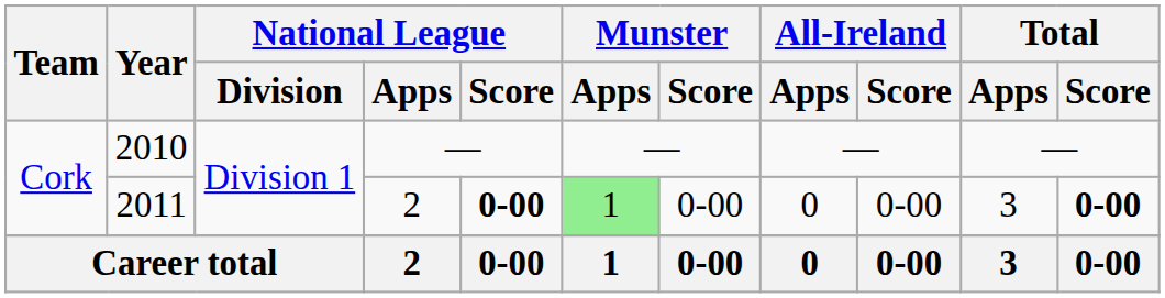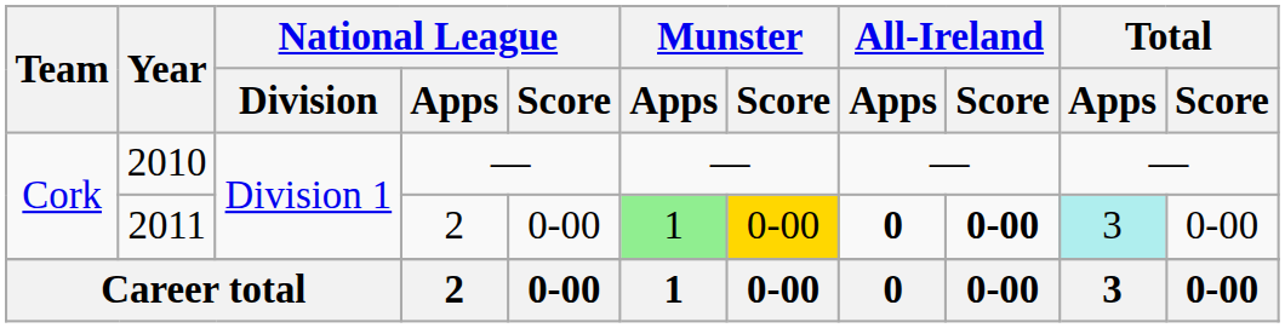 <table class="wikitable" style="text-align:center">
 <tr>
 <th rowspan="2">Team</th>
 <th rowspan="2">Year</th>
 <th colspan="3"><a href='#'>National League</a></th>
 <th colspan="2"><a href='#'>Munster</a></th>
 <th colspan="2"><a href='#'>All-Ireland</a></th>
 <th colspan="2">Total</th>
 </tr>
 <tr>
 <th>Division</th>
 <th>Apps</th>
 <th>Score</th>
 <th>Apps</th>
 <th>Score</th>
 <th>Apps</th>
 <th>Score</th>
 <th>Apps</th>
 <th>Score</th>
 </tr>
 <tr>
 <td rowspan="2"><a href='#'>Cork</a></td>
 <td>2010</td>
 <td rowspan="2"><a href='#'>Division 1</a></td>
 <td colspan=2>—</td>
 <td colspan=2>—</td>
 <td colspan=2>—</td>
 <td colspan=2>—</td>
 </tr>
 <tr>
 <td>2011</td>
 <td>2</td>
+<td>0-00</td>
+<td style="background: lightgreen;">1</td>
+<td style="background: gold;">0-00</td>
+<td><strong>0</strong></td>
 <td><strong>0-00</strong></td>
-<td style="background: lightgreen;">1</td>
+<td style="background: paleturquoise;">3</td>
 <td>0-00</td>
-<td>0</td>
-<td>0-00</td>
-<td>3</td>
-<td><strong>0-00</strong></td>
 </tr>
 <tr>
 </tr>
 <tr>
 <th colspan="3">Career total</th>
 <th>2</th>
 <th>0-00</th>
 <th>1</th>
 <th>0-00</th>
 <th>0</th>
 <th>0-00</th>
 <th>3</th>
 <th>0-00</th>
 </tr>
 </table>
